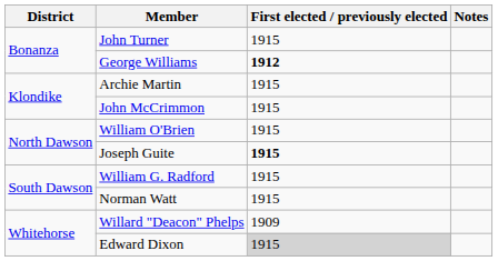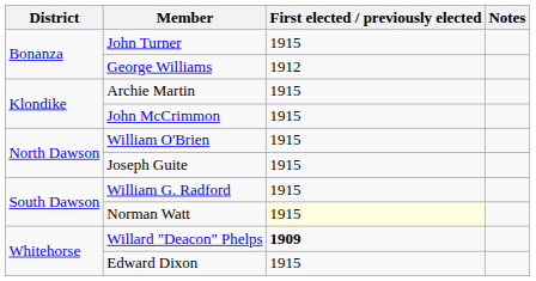 <table class="wikitable sortable">
 <tr>
 <th>District</th>
 <th>Member</th>
 <th>First elected / previously elected</th>
 <th>Notes</th>
 </tr>
 <tr>
 <td rowspan=2><a href='#'>Bonanza</a></td>
 <td><a href='#'>John Turner</a></td>
 <td>1915</td>
 <td></td>
 </tr>
 <tr>
 <td><a href='#'>George Williams</a></td>
-<td><strong>1912</strong></td>
+<td>1912</td>
 <td></td>
 </tr>
 <tr>
 <td rowspan=2><a href='#'>Klondike</a></td>
 <td>Archie Martin</td>
 <td>1915</td>
 <td></td>
 </tr>
 <tr>
 <td><a href='#'>John McCrimmon</a></td>
 <td>1915</td>
 <td></td>
 </tr>
 <tr>
 <td rowspan=2><a href='#'>North Dawson</a></td>
 <td><a href='#'>William O'Brien</a></td>
 <td>1915</td>
 <td></td>
 </tr>
 <tr>
 <td>Joseph Guite</td>
-<td><strong>1915</strong></td>
+<td>1915</td>
 <td></td>
 </tr>
 <tr>
 <td rowspan=2><a href='#'>South Dawson</a></td>
 <td><a href='#'>William G. Radford</a></td>
 <td>1915</td>
 <td></td>
 </tr>
 <tr>
 <td>Norman Watt</td>
-<td>1915</td>
+<td style="background: lightyellow;">1915</td>
 <td></td>
 </tr>
 <tr>
 <td rowspan="2"><a href='#'>Whitehorse</a></td>
 <td><a href='#'>Willard "Deacon" Phelps</a></td>
-<td>1909</td>
+<td><strong>1909</strong></td>
 <td></td>
 </tr>
 <tr>
 <td>Edward Dixon</td>
-<td style="background: lightgrey;">1915</td>
+<td>1915</td>
 <td></td>
 </tr>
 </table>
